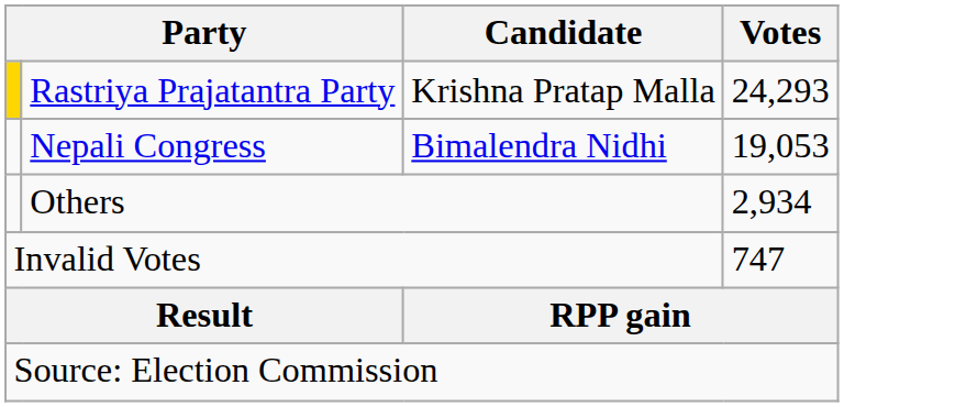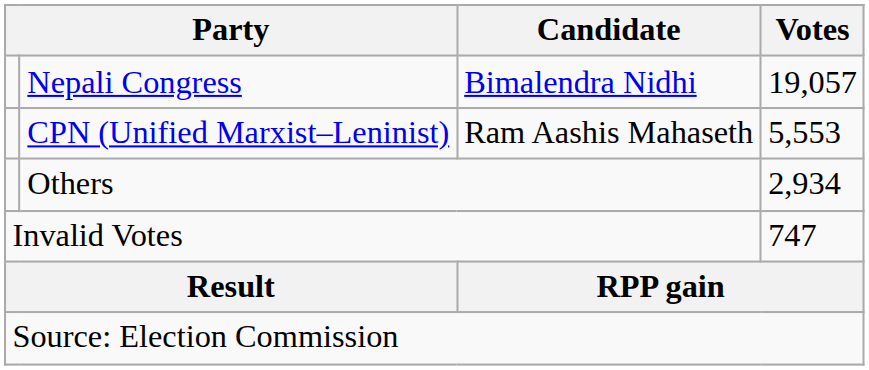 <table class="wikitable">
 <tr>
 <th colspan="2">Party</th>
 <th>Candidate</th>
 <th>Votes</th>
 </tr>
 <tr>
-<td style="background-color:gold"></td>
-<td><a href='#'>Rastriya Prajatantra Party</a></td>
-<td>Krishna Pratap Malla</td>
-<td>24,293</td>
+<td style="background-color:"></td>
+<td><a href='#'>Nepali Congress</a></td>
+<td><a href='#'>Bimalendra Nidhi</a></td>
+<td>19,057</td>
 </tr>
 <tr>
 <td style="background-color:"></td>
-<td><a href='#'>Nepali Congress</a></td>
-<td><a href='#'>Bimalendra Nidhi</a></td>
-<td>19,053</td>
+<td><a href='#'>CPN (Unified Marxist–Leninist)</a></td>
+<td>Ram Aashis Mahaseth</td>
+<td>5,553</td>
 </tr>
 <tr>
 <td></td>
 <td colspan="2">Others</td>
 <td>2,934</td>
 </tr>
 <tr>
 <td colspan="3">Invalid Votes</td>
 <td>747</td>
 </tr>
 <tr>
 <th colspan="2">Result</th>
 <th colspan="2">RPP gain</th>
 </tr>
 <tr>
 <td colspan="4">Source: Election Commission</td>
 </tr>
 </table>
